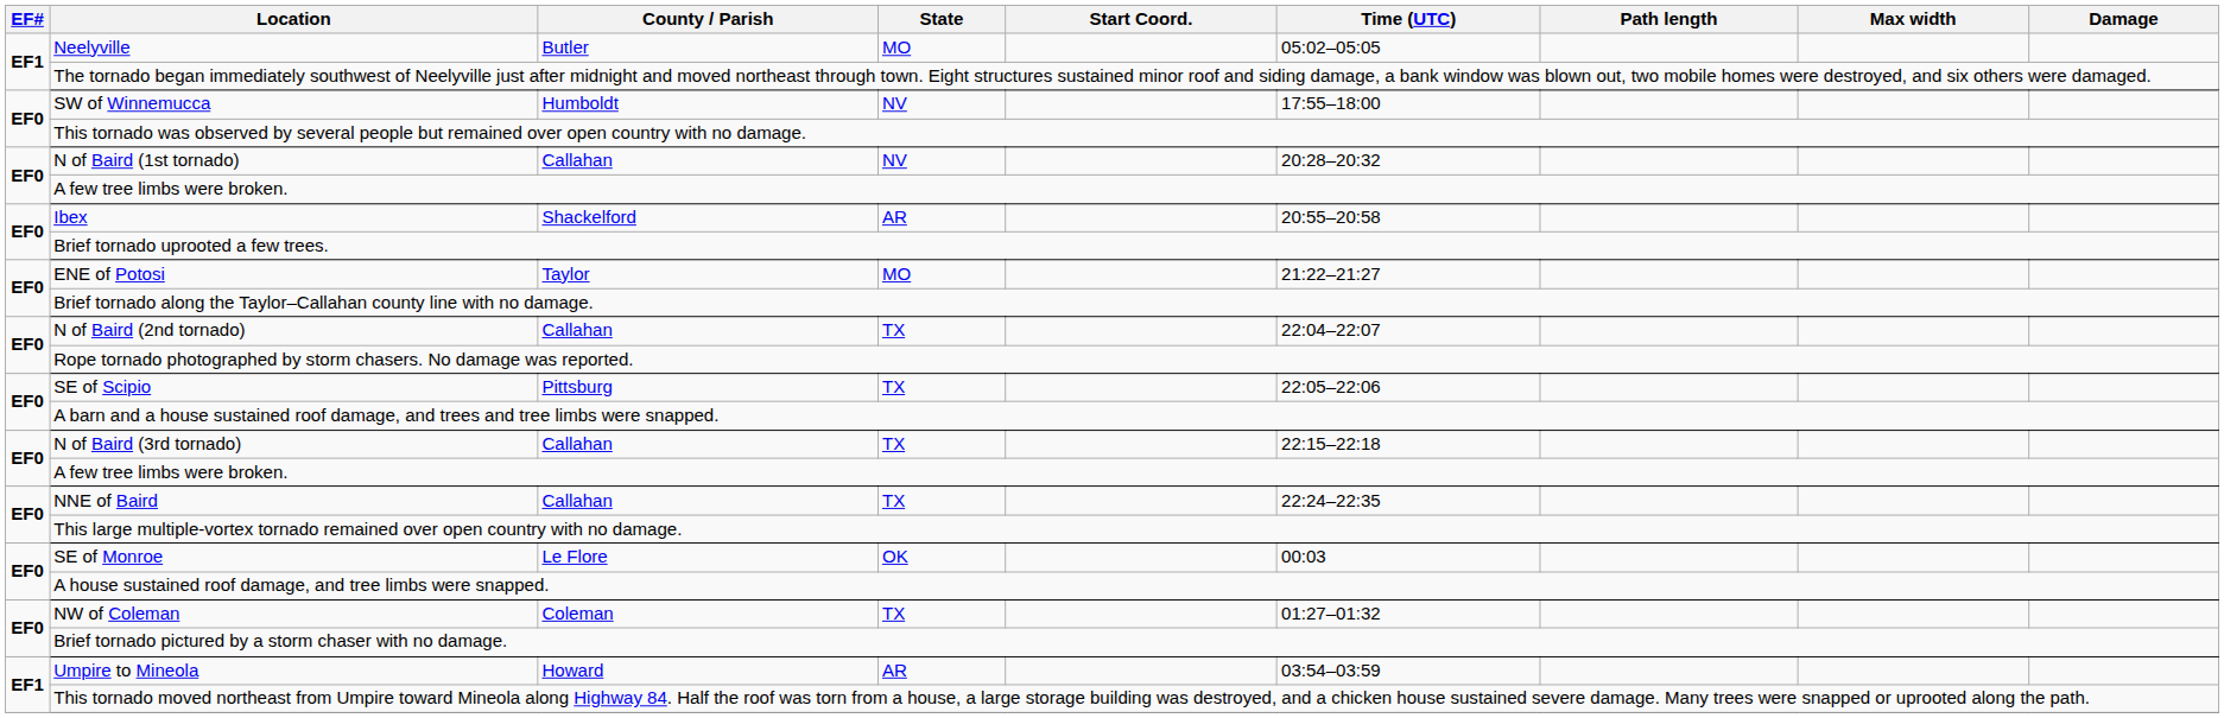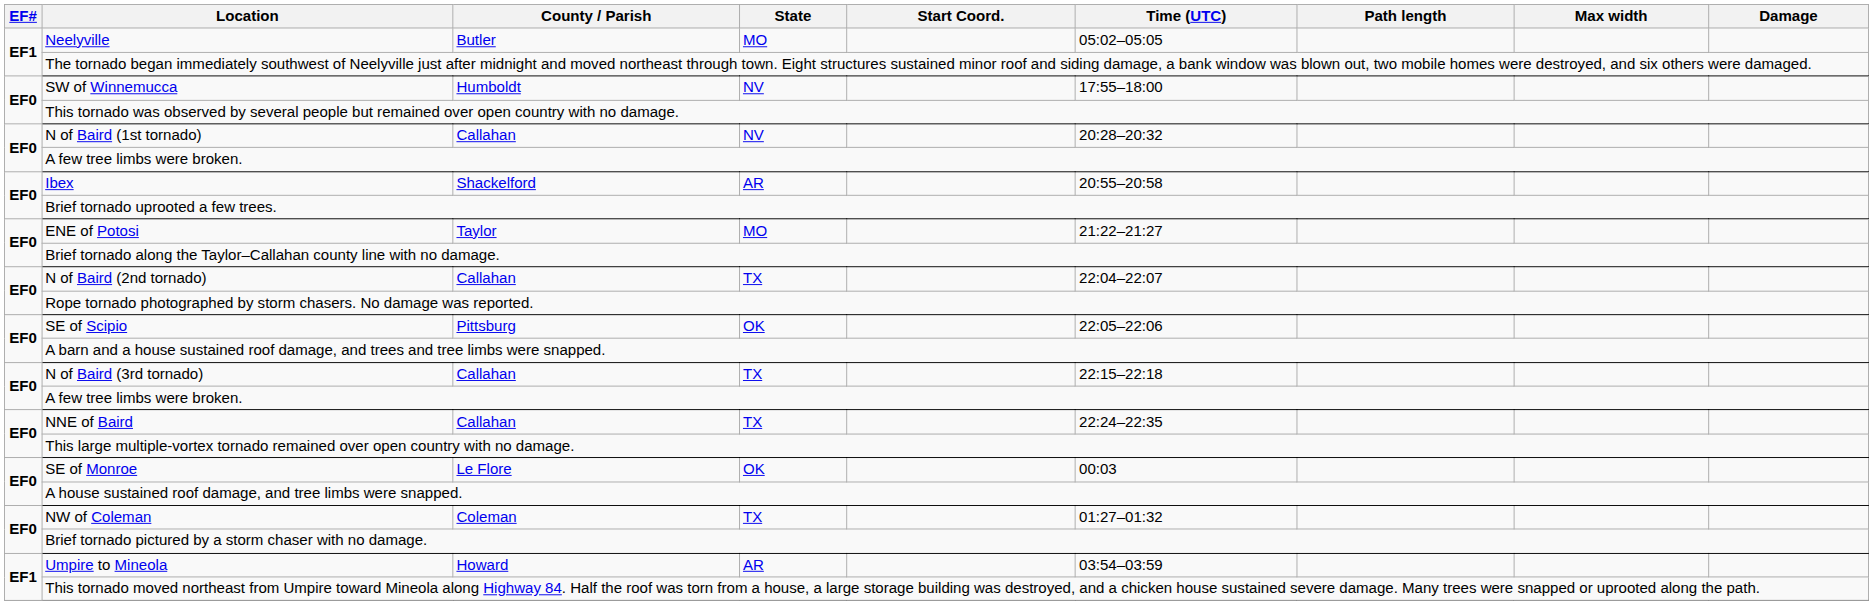 <table class="wikitable sortable" style="width:100%;">
 <tr>
 <th scope="col" width="2%" align="center"><a href='#'>EF#</a></th>
 <th scope="col" align="center" class="unsortable">Location</th>
 <th scope="col" align="center" class="unsortable">County / Parish</th>
 <th scope="col" align="center">State</th>
 <th scope="col" align="center" data-sort-type="number">Start Coord.</th>
 <th scope="col" align="center" data-sort-type="number">Time (<a href='#'>UTC</a>)</th>
 <th scope="col" align="center" data-sort-type="number">Path length</th>
 <th scope="col" align="center" data-sort-type="number">Max width</th>
 <th scope="col" align="center" data-sort-type="number">Damage<br></th>
 </tr>
 <tr>
 <td rowspan="2" align="center"><strong>EF1</strong></td>
 <td><a href='#'>Neelyville</a></td>
 <td><a href='#'>Butler</a></td>
 <td><a href='#'>MO</a></td>
 <td></td>
 <td>05:02–05:05</td>
 <td></td>
 <td></td>
 <td></td>
 </tr>
 <tr class="expand-child">
 <td colspan="8" style=" border-bottom: 1px solid black;">The tornado began immediately southwest of Neelyville just after midnight and moved northeast through town. Eight structures sustained minor roof and siding damage, a bank window was blown out, two mobile homes were destroyed, and six others were damaged.</td>
 </tr>
 <tr>
 <td rowspan="2" align="center"><strong>EF0</strong></td>
 <td>SW of <a href='#'>Winnemucca</a></td>
 <td><a href='#'>Humboldt</a></td>
 <td><a href='#'>NV</a></td>
 <td></td>
 <td>17:55–18:00</td>
 <td></td>
 <td></td>
 <td></td>
 </tr>
 <tr class="expand-child">
 <td colspan="8" style=" border-bottom: 1px solid black;">This tornado was observed by several people but remained over open country with no damage.</td>
 </tr>
 <tr>
 <td rowspan="2" align="center"><strong>EF0</strong></td>
 <td>N of <a href='#'>Baird</a> (1st tornado)</td>
 <td><a href='#'>Callahan</a></td>
 <td><a href='#'>NV</a></td>
 <td></td>
 <td>20:28–20:32</td>
 <td></td>
 <td></td>
 <td></td>
 </tr>
 <tr class="expand-child">
 <td colspan="8" style=" border-bottom: 1px solid black;">A few tree limbs were broken.</td>
 </tr>
 <tr>
 <td rowspan="2" align="center"><strong>EF0</strong></td>
 <td><a href='#'>Ibex</a></td>
 <td><a href='#'>Shackelford</a></td>
 <td><a href='#'>AR</a></td>
 <td></td>
 <td>20:55–20:58</td>
 <td></td>
 <td></td>
 <td></td>
 </tr>
 <tr class="expand-child">
 <td colspan="8" style=" border-bottom: 1px solid black;">Brief tornado uprooted a few trees.</td>
 </tr>
 <tr>
 <td rowspan="2" align="center"><strong>EF0</strong></td>
 <td>ENE of <a href='#'>Potosi</a></td>
 <td><a href='#'>Taylor</a></td>
 <td><a href='#'>MO</a></td>
 <td></td>
 <td>21:22–21:27</td>
 <td></td>
 <td></td>
 <td></td>
 </tr>
 <tr class="expand-child">
 <td colspan="8" style=" border-bottom: 1px solid black;">Brief tornado along the Taylor–Callahan county line with no damage.</td>
 </tr>
 <tr>
 <td rowspan="2" align="center"><strong>EF0</strong></td>
 <td>N of <a href='#'>Baird</a> (2nd tornado)</td>
 <td><a href='#'>Callahan</a></td>
 <td><a href='#'>TX</a></td>
 <td></td>
 <td>22:04–22:07</td>
 <td></td>
 <td></td>
 <td></td>
 </tr>
 <tr class="expand-child">
 <td colspan="8" style=" border-bottom: 1px solid black;">Rope tornado photographed by storm chasers. No damage was reported.</td>
 </tr>
 <tr>
 <td rowspan="2" align="center"><strong>EF0</strong></td>
 <td>SE of <a href='#'>Scipio</a></td>
 <td><a href='#'>Pittsburg</a></td>
-<td><a href='#'>TX</a></td>
+<td><a href='#'>OK</a></td>
 <td></td>
 <td>22:05–22:06</td>
 <td></td>
 <td></td>
 <td></td>
 </tr>
 <tr class="expand-child">
 <td colspan="8" style=" border-bottom: 1px solid black;">A barn and a house sustained roof damage, and trees and tree limbs were snapped.</td>
 </tr>
 <tr>
 <td rowspan="2" align="center"><strong>EF0</strong></td>
 <td>N of <a href='#'>Baird</a> (3rd tornado)</td>
 <td><a href='#'>Callahan</a></td>
 <td><a href='#'>TX</a></td>
 <td></td>
 <td>22:15–22:18</td>
 <td></td>
 <td></td>
 <td></td>
 </tr>
 <tr class="expand-child">
 <td colspan="8" style=" border-bottom: 1px solid black;">A few tree limbs were broken.</td>
 </tr>
 <tr>
 <td rowspan="2" align="center"><strong>EF0</strong></td>
 <td>NNE of <a href='#'>Baird</a></td>
 <td><a href='#'>Callahan</a></td>
 <td><a href='#'>TX</a></td>
 <td></td>
 <td>22:24–22:35</td>
 <td></td>
 <td></td>
 <td></td>
 </tr>
 <tr class="expand-child">
 <td colspan="8" style=" border-bottom: 1px solid black;">This large multiple-vortex tornado remained over open country with no damage.</td>
 </tr>
 <tr>
 <td rowspan="2" align="center"><strong>EF0</strong></td>
 <td>SE of <a href='#'>Monroe</a></td>
 <td><a href='#'>Le Flore</a></td>
 <td><a href='#'>OK</a></td>
 <td></td>
 <td>00:03</td>
 <td></td>
 <td></td>
 <td></td>
 </tr>
 <tr class="expand-child">
 <td colspan="8" style=" border-bottom: 1px solid black;">A house sustained roof damage, and tree limbs were snapped.</td>
 </tr>
 <tr>
 <td rowspan="2" align="center"><strong>EF0</strong></td>
 <td>NW of <a href='#'>Coleman</a></td>
 <td><a href='#'>Coleman</a></td>
 <td><a href='#'>TX</a></td>
 <td></td>
 <td>01:27–01:32</td>
 <td></td>
 <td></td>
 <td></td>
 </tr>
 <tr class="expand-child">
 <td colspan="8" style=" border-bottom: 1px solid black;">Brief tornado pictured by a storm chaser with no damage.</td>
 </tr>
 <tr>
 <td rowspan="2" align="center"><strong>EF1</strong></td>
 <td><a href='#'>Umpire</a> to <a href='#'>Mineola</a></td>
 <td><a href='#'>Howard</a></td>
 <td><a href='#'>AR</a></td>
 <td></td>
 <td>03:54–03:59</td>
 <td></td>
 <td></td>
 <td></td>
 </tr>
 <tr class="expand-child">
 <td colspan="8" style=" border-bottom: 1px solid black;">This tornado moved northeast from Umpire toward Mineola along <a href='#'>Highway 84</a>. Half the roof was torn from a house, a large storage building was destroyed, and a chicken house sustained severe damage. Many trees were snapped or uprooted along the path.</td>
 </tr>
 <tr>
 </tr>
 </table>
